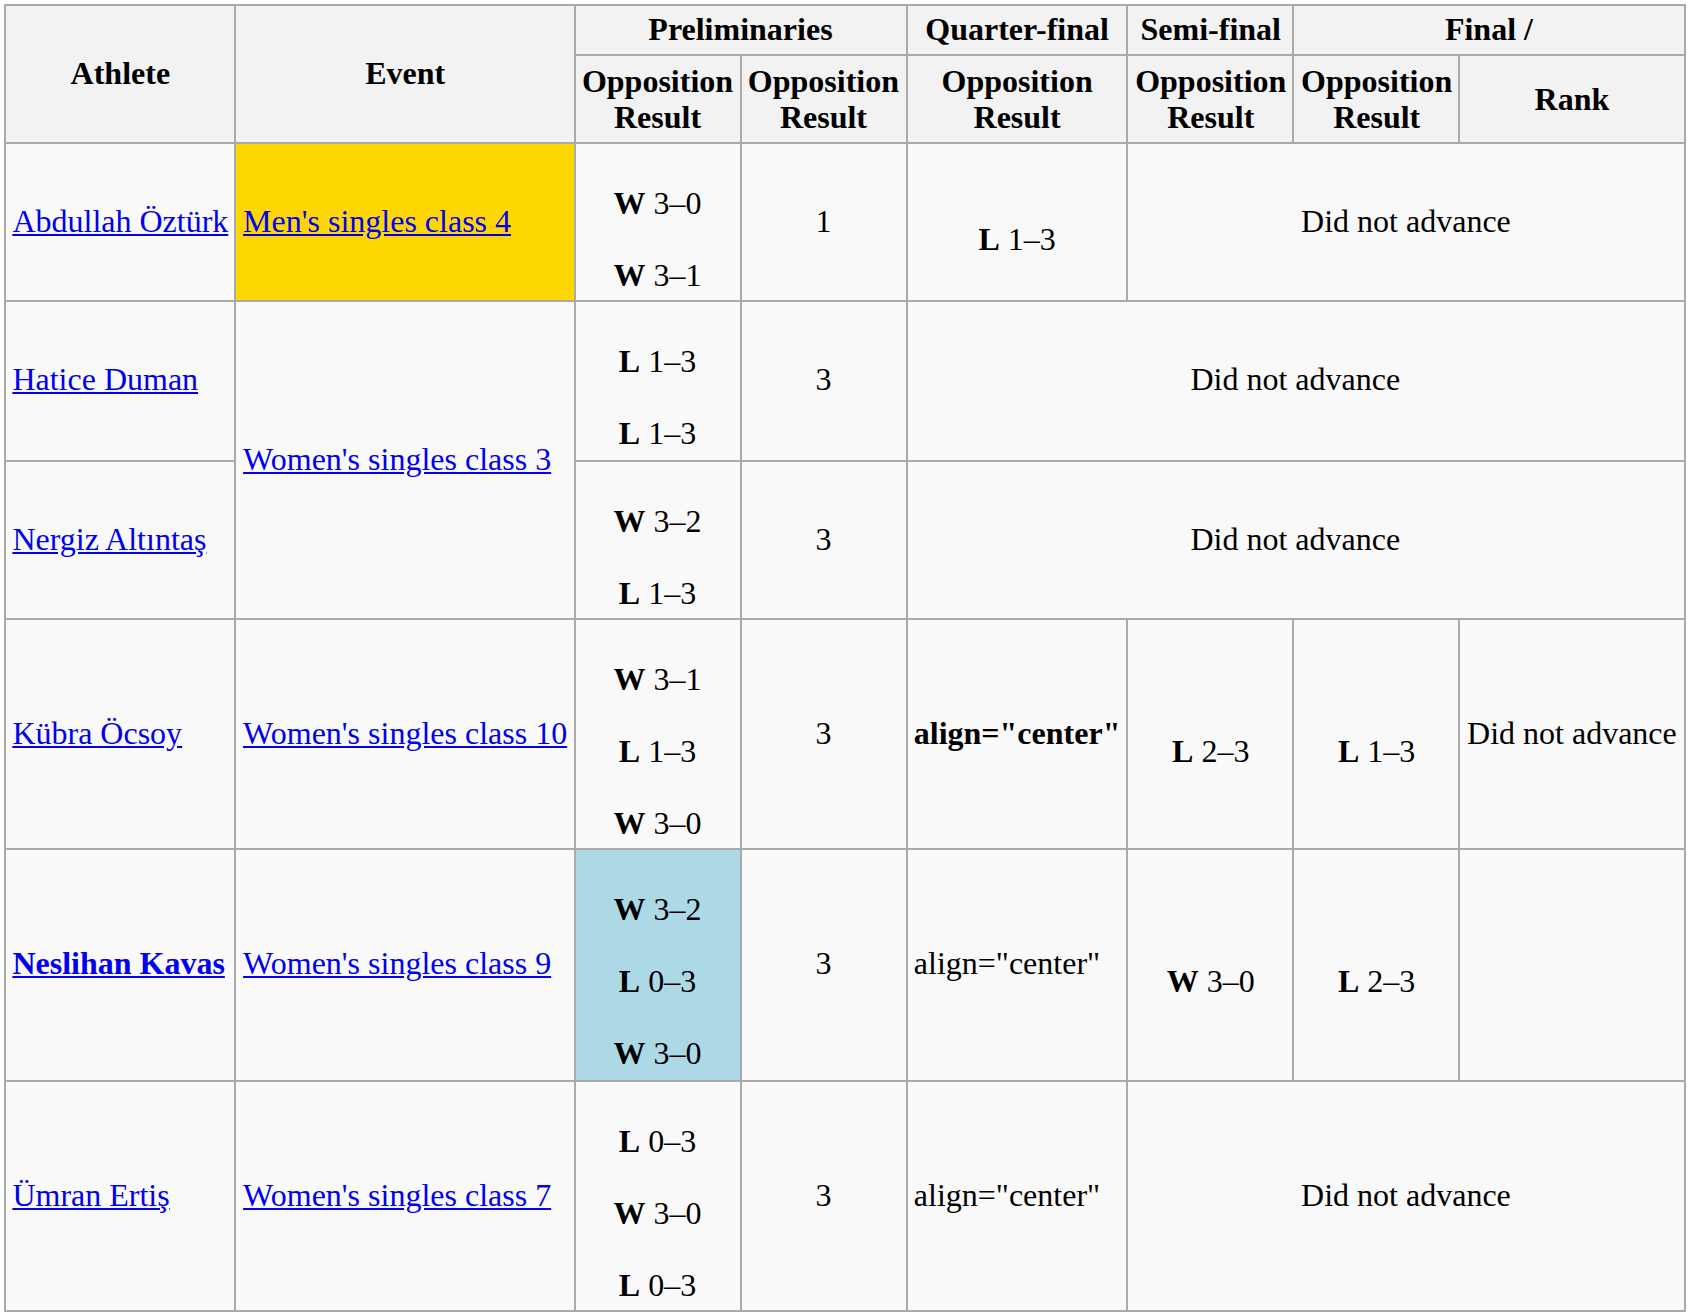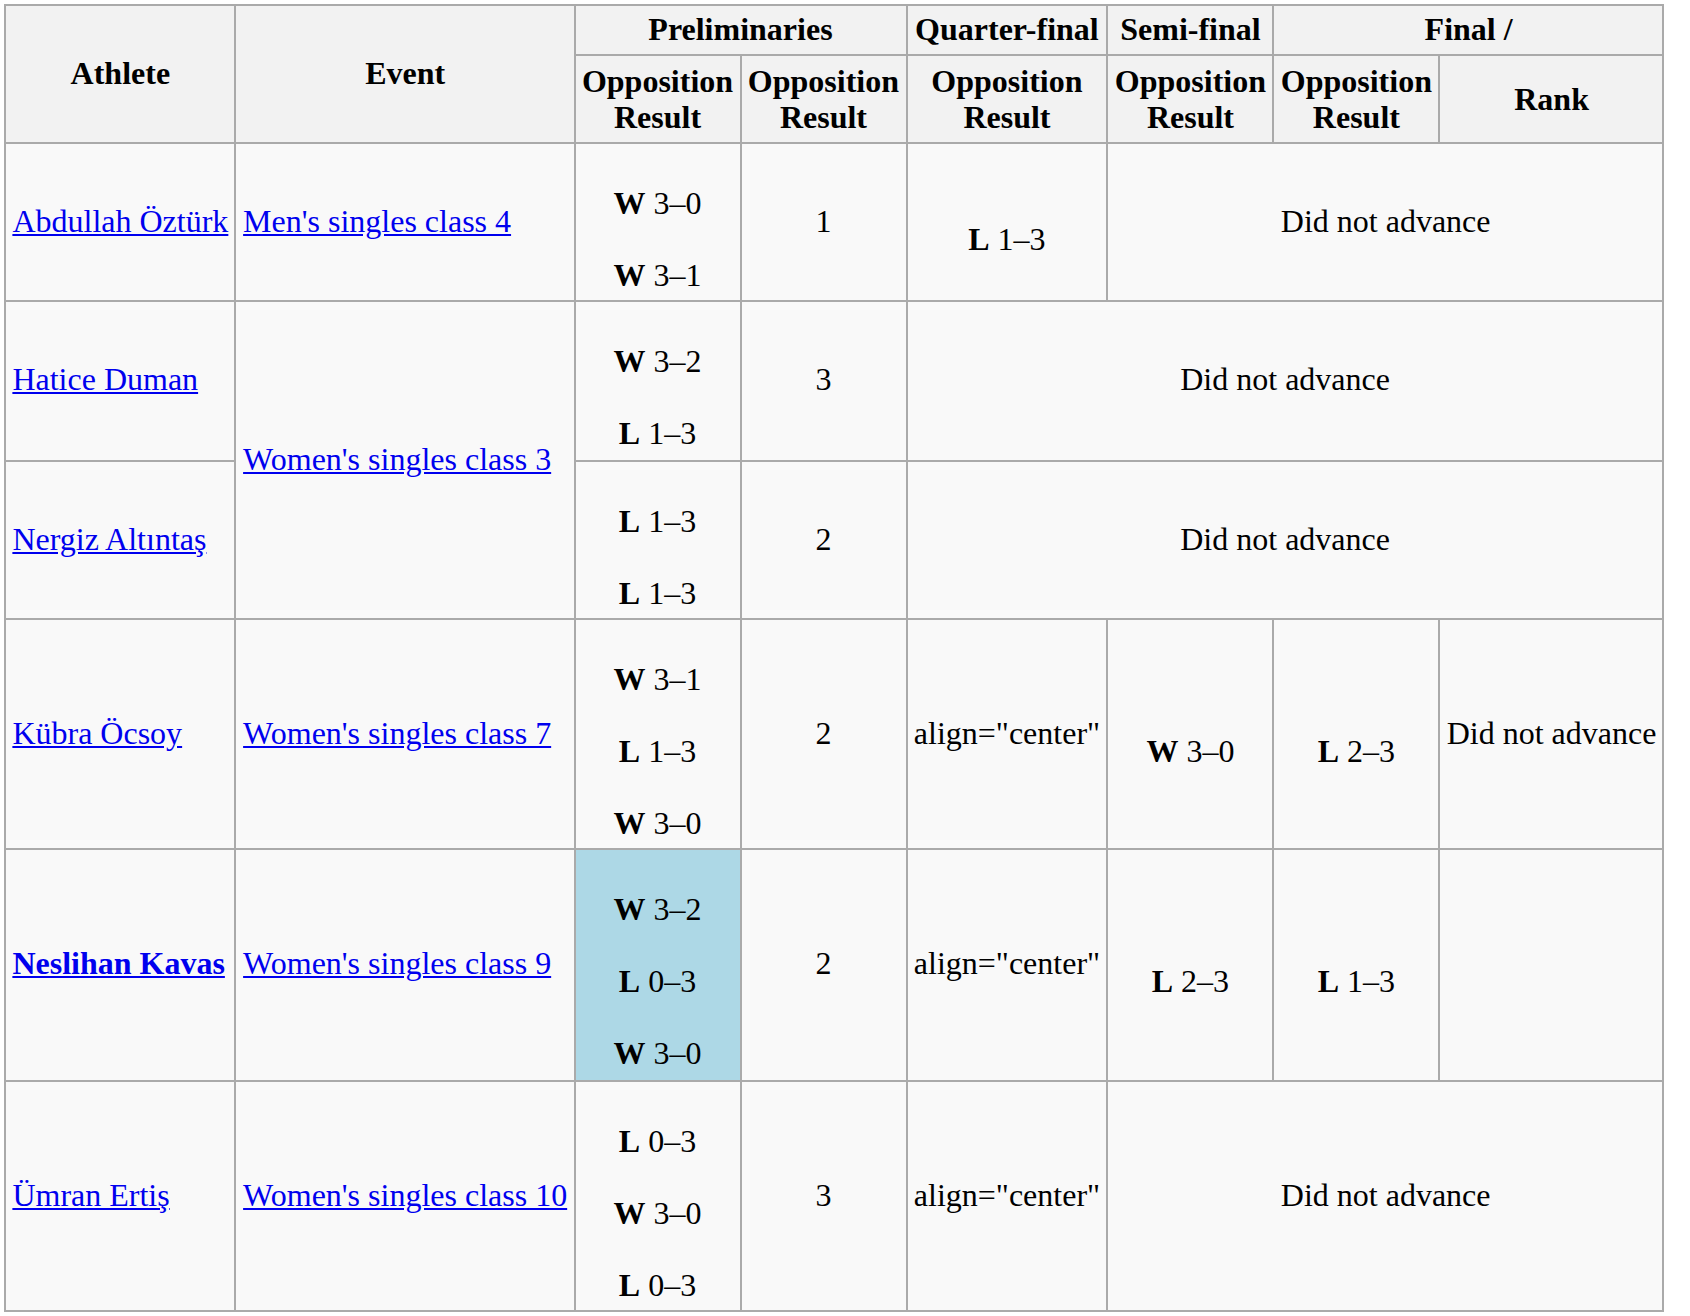 <table class=wikitable>
 <tr>
 <th rowspan="2">Athlete</th>
 <th rowspan="2">Event</th>
 <th colspan="2">Preliminaries</th>
 <th>Quarter-final</th>
 <th>Semi-final</th>
 <th colspan="2">Final / </th>
 </tr>
 <tr>
 <th>Opposition<br>Result</th>
 <th>Opposition<br>Result</th>
 <th>Opposition<br>Result</th>
 <th>Opposition<br>Result</th>
 <th>Opposition<br>Result</th>
 <th>Rank</th>
 </tr>
 <tr>
 <td><a href='#'>Abdullah Öztürk</a></td>
-<td style="background: gold;"><a href='#'>Men's singles class 4</a></td>
+<td><a href='#'>Men's singles class 4</a></td>
 <td align="center"><br><strong>W</strong> 3–0<br><br><strong>W</strong> 3–1</td>
 <td align="center">1</td>
 <td align="center"><br><strong>L</strong> 1–3</td>
 <td align="center" colspan=3>Did not advance</td>
 </tr>
 <tr>
 <td><a href='#'>Hatice Duman</a></td>
 <td rowspan="2"><a href='#'>Women's singles class 3</a></td>
-<td align="center"><br><strong>L</strong> 1–3<br><br><strong>L</strong> 1–3</td>
+<td align="center"><br><strong>W</strong> 3–2<br><br><strong>L</strong> 1–3</td>
 <td align="center">3</td>
 <td align="center" colspan=4>Did not advance</td>
 </tr>
 <tr>
 <td><a href='#'>Nergiz Altıntaş</a></td>
-<td align="center"><br><strong>W</strong> 3–2<br><br><strong>L</strong> 1–3</td>
-<td align="center">3</td>
+<td align="center"><br><strong>L</strong> 1–3<br><br><strong>L</strong> 1–3</td>
+<td align="center">2</td>
 <td align="center" colspan=4>Did not advance</td>
 </tr>
 <tr>
 <td><a href='#'>Kübra Öcsoy</a></td>
-<td><a href='#'>Women's singles class 10</a></td>
+<td><a href='#'>Women's singles class 7</a></td>
 <td align="center"><br><strong>W</strong> 3–1<br><br><strong>L</strong>  1–3<br><br><strong>W</strong> 3–0</td>
-<td align="center">3</td>
-<td><strong>align="center" </strong></td>
+<td align="center">2</td>
+<td>align="center" </td>
+<td align="center"><br><strong>W</strong> 3–0</td>
 <td align="center"><br><strong>L</strong> 2–3</td>
-<td align="center"><br><strong>L</strong> 1–3</td>
 <td align="center" colspan=3>Did not advance</td>
 </tr>
 <tr>
 <td><strong><a href='#'>Neslihan Kavas</a></strong></td>
 <td><a href='#'>Women's singles class 9</a></td>
 <td align="center" style="background: lightblue;"><br><strong>W</strong> 3–2<br><br><strong>L</strong>  0–3<br><br><strong>W</strong> 3–0</td>
-<td align="center">3</td>
+<td align="center">2</td>
 <td>align="center" </td>
-<td align="center"><br><strong>W</strong> 3–0</td>
 <td align="center"><br><strong>L</strong> 2–3</td>
+<td align="center"><br><strong>L</strong> 1–3</td>
 <td align="center"></td>
 </tr>
 <tr>
 <td><a href='#'>Ümran Ertiş</a></td>
-<td><a href='#'>Women's singles class 7</a></td>
+<td><a href='#'>Women's singles class 10</a></td>
 <td align="center"><br><strong>L</strong> 0–3<br><br><strong>W</strong> 3–0<br><br><strong>L</strong> 0–3</td>
 <td align="center">3</td>
 <td>align="center" </td>
 <td align="center" colspan=3>Did not advance</td>
 </tr>
 </table>
